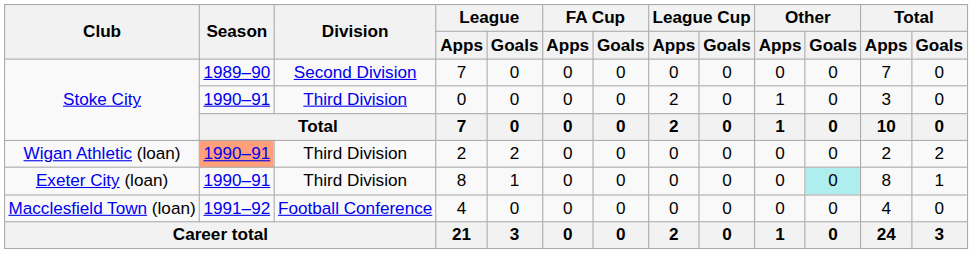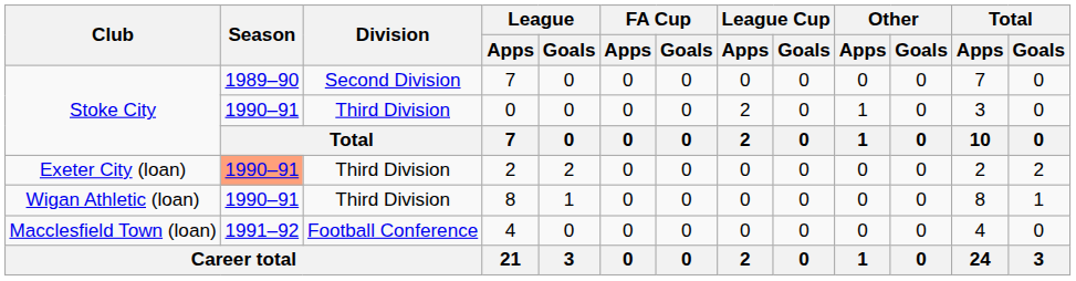 <table class="wikitable" style="text-align: center;">
 <tr>
 <th rowspan="2">Club</th>
 <th rowspan="2">Season</th>
 <th rowspan="2">Division</th>
 <th colspan="2">League</th>
 <th colspan="2">FA Cup</th>
 <th colspan="2">League Cup</th>
 <th colspan="2">Other</th>
 <th colspan="2">Total</th>
 </tr>
 <tr>
 <th>Apps</th>
 <th>Goals</th>
 <th>Apps</th>
 <th>Goals</th>
 <th>Apps</th>
 <th>Goals</th>
 <th>Apps</th>
 <th>Goals</th>
 <th>Apps</th>
 <th>Goals</th>
 </tr>
 <tr>
 <td rowspan="3"><a href='#'>Stoke City</a></td>
 <td><a href='#'>1989–90</a></td>
 <td><a href='#'>Second Division</a></td>
 <td>7</td>
 <td>0</td>
 <td>0</td>
 <td>0</td>
 <td>0</td>
 <td>0</td>
 <td>0</td>
 <td>0</td>
 <td>7</td>
 <td>0</td>
 </tr>
 <tr>
 <td><a href='#'>1990–91</a></td>
 <td><a href='#'>Third Division</a></td>
 <td>0</td>
 <td>0</td>
 <td>0</td>
 <td>0</td>
 <td>2</td>
 <td>0</td>
 <td>1</td>
 <td>0</td>
 <td>3</td>
 <td>0</td>
 </tr>
 <tr>
 <th colspan=2>Total</th>
 <th>7</th>
 <th>0</th>
 <th>0</th>
 <th>0</th>
 <th>2</th>
 <th>0</th>
 <th>1</th>
 <th>0</th>
 <th>10</th>
 <th>0</th>
 </tr>
 <tr>
-<td><a href='#'>Wigan Athletic</a> (loan)</td>
+<td><a href='#'>Exeter City</a> (loan)</td>
 <td style="background: lightsalmon;"><a href='#'>1990–91</a></td>
 <td>Third Division</td>
 <td>2</td>
 <td>2</td>
 <td>0</td>
 <td>0</td>
 <td>0</td>
 <td>0</td>
 <td>0</td>
 <td>0</td>
 <td>2</td>
 <td>2</td>
 </tr>
 <tr>
-<td><a href='#'>Exeter City</a> (loan)</td>
+<td><a href='#'>Wigan Athletic</a> (loan)</td>
 <td><a href='#'>1990–91</a></td>
 <td>Third Division</td>
 <td>8</td>
 <td>1</td>
 <td>0</td>
 <td>0</td>
 <td>0</td>
 <td>0</td>
 <td>0</td>
-<td style="background: paleturquoise;">0</td>
+<td>0</td>
 <td>8</td>
 <td>1</td>
 </tr>
 <tr>
 <td><a href='#'>Macclesfield Town</a> (loan)</td>
 <td><a href='#'>1991–92</a></td>
 <td><a href='#'>Football Conference</a></td>
 <td>4</td>
 <td>0</td>
 <td>0</td>
 <td>0</td>
 <td>0</td>
 <td>0</td>
 <td>0</td>
 <td>0</td>
 <td>4</td>
 <td>0</td>
 </tr>
 <tr>
 <th colspan="3">Career total</th>
 <th>21</th>
 <th>3</th>
 <th>0</th>
 <th>0</th>
 <th>2</th>
 <th>0</th>
 <th>1</th>
 <th>0</th>
 <th>24</th>
 <th>3</th>
 </tr>
 </table>
